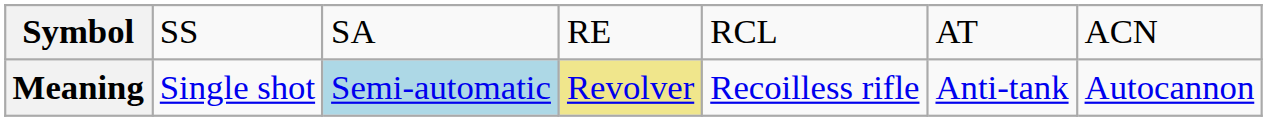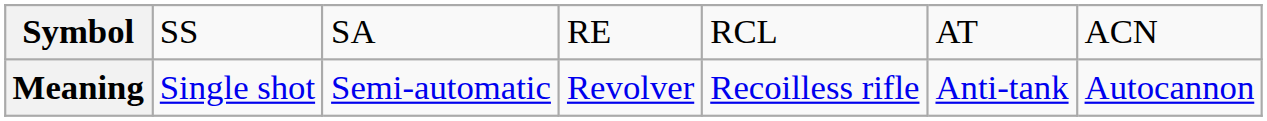 <table class="wikitable sortable" style="margin-left: auto; margin-right: auto;">
 <tr>
 <th><strong>Symbol</strong></th>
 <td>SS</td>
 <td>SA</td>
 <td>RE</td>
 <td>RCL</td>
 <td>AT</td>
 <td>ACN</td>
 </tr>
 <tr>
 <th><strong>Meaning</strong></th>
 <td><a href='#'>Single shot</a></td>
-<td style="background: lightblue;"><a href='#'>Semi-automatic</a></td>
-<td style="background: khaki;"><a href='#'>Revolver</a></td>
+<td><a href='#'>Semi-automatic</a></td>
+<td><a href='#'>Revolver</a></td>
 <td><a href='#'>Recoilless rifle</a></td>
 <td><a href='#'>Anti-tank</a></td>
 <td><a href='#'>Autocannon</a></td>
 </tr>
 </table>
